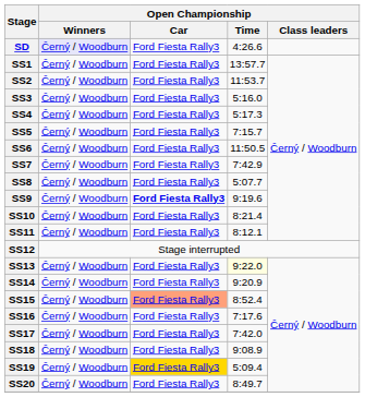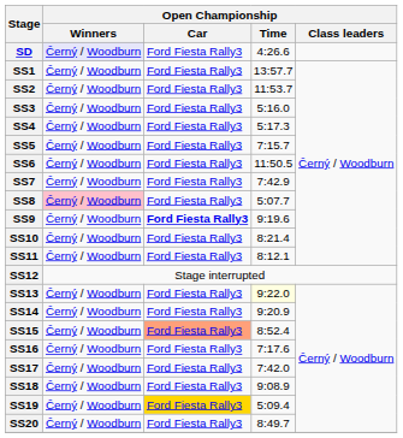 <table class="wikitable" style="font-size:85%">
 <tr>
 <th rowspan="2">Stage</th>
 <th colspan="4">Open Championship</th>
 </tr>
 <tr>
 <th>Winners</th>
 <th>Car</th>
 <th>Time</th>
 <th>Class leaders</th>
 </tr>
 <tr>
 <th><a href='#'>SD</a></th>
 <td style="background: lavender;"><a href='#'>Černý</a> / <a href='#'>Woodburn</a></td>
 <td><a href='#'>Ford Fiesta Rally3</a></td>
 <td align="center">4:26.6</td>
 <td></td>
 </tr>
 <tr>
 <th>SS1</th>
 <td><a href='#'>Černý</a> / <a href='#'>Woodburn</a></td>
 <td><a href='#'>Ford Fiesta Rally3</a></td>
 <td align="center">13:57.7</td>
 <td rowspan="11"><a href='#'>Černý</a> / <a href='#'>Woodburn</a></td>
 </tr>
 <tr>
 <th>SS2</th>
 <td><a href='#'>Černý</a> / <a href='#'>Woodburn</a></td>
 <td><a href='#'>Ford Fiesta Rally3</a></td>
 <td align="center">11:53.7</td>
 </tr>
 <tr>
 <th>SS3</th>
 <td><a href='#'>Černý</a> / <a href='#'>Woodburn</a></td>
 <td><a href='#'>Ford Fiesta Rally3</a></td>
 <td align="center">5:16.0</td>
 </tr>
 <tr>
 <th>SS4</th>
 <td><a href='#'>Černý</a> / <a href='#'>Woodburn</a></td>
 <td><a href='#'>Ford Fiesta Rally3</a></td>
 <td align="center">5:17.3</td>
 </tr>
 <tr>
 <th>SS5</th>
 <td><a href='#'>Černý</a> / <a href='#'>Woodburn</a></td>
 <td><a href='#'>Ford Fiesta Rally3</a></td>
 <td align="center">7:15.7</td>
 </tr>
 <tr>
 <th>SS6</th>
 <td><a href='#'>Černý</a> / <a href='#'>Woodburn</a></td>
 <td><a href='#'>Ford Fiesta Rally3</a></td>
 <td align="center">11:50.5</td>
 </tr>
 <tr>
 <th>SS7</th>
 <td><a href='#'>Černý</a> / <a href='#'>Woodburn</a></td>
 <td><a href='#'>Ford Fiesta Rally3</a></td>
 <td align="center">7:42.9</td>
 </tr>
 <tr>
 <th>SS8</th>
-<td><a href='#'>Černý</a> / <a href='#'>Woodburn</a></td>
+<td style="background: pink;"><a href='#'>Černý</a> / <a href='#'>Woodburn</a></td>
 <td><a href='#'>Ford Fiesta Rally3</a></td>
 <td align="center">5:07.7</td>
 </tr>
 <tr>
 <th>SS9</th>
 <td><a href='#'>Černý</a> / <a href='#'>Woodburn</a></td>
 <td><strong><a href='#'>Ford Fiesta Rally3</a></strong></td>
 <td align="center">9:19.6</td>
 </tr>
 <tr>
 <th>SS10</th>
 <td><a href='#'>Černý</a> / <a href='#'>Woodburn</a></td>
 <td><a href='#'>Ford Fiesta Rally3</a></td>
 <td align="center">8:21.4</td>
 </tr>
 <tr>
 <th>SS11</th>
 <td><a href='#'>Černý</a> / <a href='#'>Woodburn</a></td>
 <td><a href='#'>Ford Fiesta Rally3</a></td>
 <td align="center">8:12.1</td>
 </tr>
 <tr>
 <th>SS12</th>
 <td colspan="4" align="center">Stage interrupted</td>
 </tr>
 <tr>
 <th>SS13</th>
 <td><a href='#'>Černý</a> / <a href='#'>Woodburn</a></td>
 <td><a href='#'>Ford Fiesta Rally3</a></td>
 <td align="center" style="background: lightyellow;">9:22.0</td>
 <td rowspan="8"><a href='#'>Černý</a> / <a href='#'>Woodburn</a></td>
 </tr>
 <tr>
 <th>SS14</th>
 <td><a href='#'>Černý</a> / <a href='#'>Woodburn</a></td>
 <td><a href='#'>Ford Fiesta Rally3</a></td>
 <td align="center">9:20.9</td>
 </tr>
 <tr>
 <th>SS15</th>
 <td><a href='#'>Černý</a> / <a href='#'>Woodburn</a></td>
 <td style="background: lightsalmon;"><a href='#'>Ford Fiesta Rally3</a></td>
 <td align="center">8:52.4</td>
 </tr>
 <tr>
 <th>SS16</th>
 <td><a href='#'>Černý</a> / <a href='#'>Woodburn</a></td>
 <td><a href='#'>Ford Fiesta Rally3</a></td>
 <td align="center">7:17.6</td>
 </tr>
 <tr>
 <th>SS17</th>
 <td><a href='#'>Černý</a> / <a href='#'>Woodburn</a></td>
 <td><a href='#'>Ford Fiesta Rally3</a></td>
 <td align="center">7:42.0</td>
 </tr>
 <tr>
 <th>SS18</th>
 <td><a href='#'>Černý</a> / <a href='#'>Woodburn</a></td>
 <td><a href='#'>Ford Fiesta Rally3</a></td>
 <td align="center">9:08.9</td>
 </tr>
 <tr>
 <th>SS19</th>
 <td><a href='#'>Černý</a> / <a href='#'>Woodburn</a></td>
 <td style="background: gold;"><a href='#'>Ford Fiesta Rally3</a></td>
 <td align="center">5:09.4</td>
 </tr>
 <tr>
 <th>SS20</th>
 <td><a href='#'>Černý</a> / <a href='#'>Woodburn</a></td>
 <td><a href='#'>Ford Fiesta Rally3</a></td>
 <td align="center">8:49.7</td>
 </tr>
 <tr>
 </tr>
 </table>
